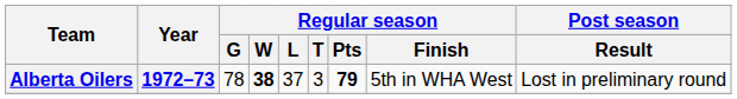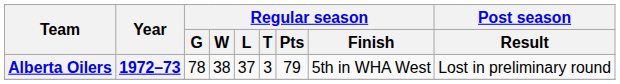 <table class="wikitable" style="font-size: 95%; text-align:center;">
 <tr>
 <th rowspan="2">Team</th>
 <th rowspan="2">Year</th>
 <th colspan="6"><a href='#'>Regular season</a></th>
 <th colspan="1"><a href='#'>Post season</a></th>
 </tr>
 <tr>
 <th>G</th>
 <th>W</th>
 <th>L</th>
 <th>T</th>
 <th>Pts</th>
 <th>Finish</th>
 <th>Result</th>
 </tr>
 <tr>
 <th><a href='#'>Alberta Oilers</a></th>
 <th><a href='#'>1972–73</a></th>
 <td>78</td>
-<td><strong>38</strong></td>
+<td>38</td>
 <td>37</td>
 <td>3</td>
-<td><strong>79</strong></td>
+<td>79</td>
 <td>5th in WHA West</td>
 <td>Lost in preliminary round</td>
 </tr>
 <tr>
 </tr>
 </table>
